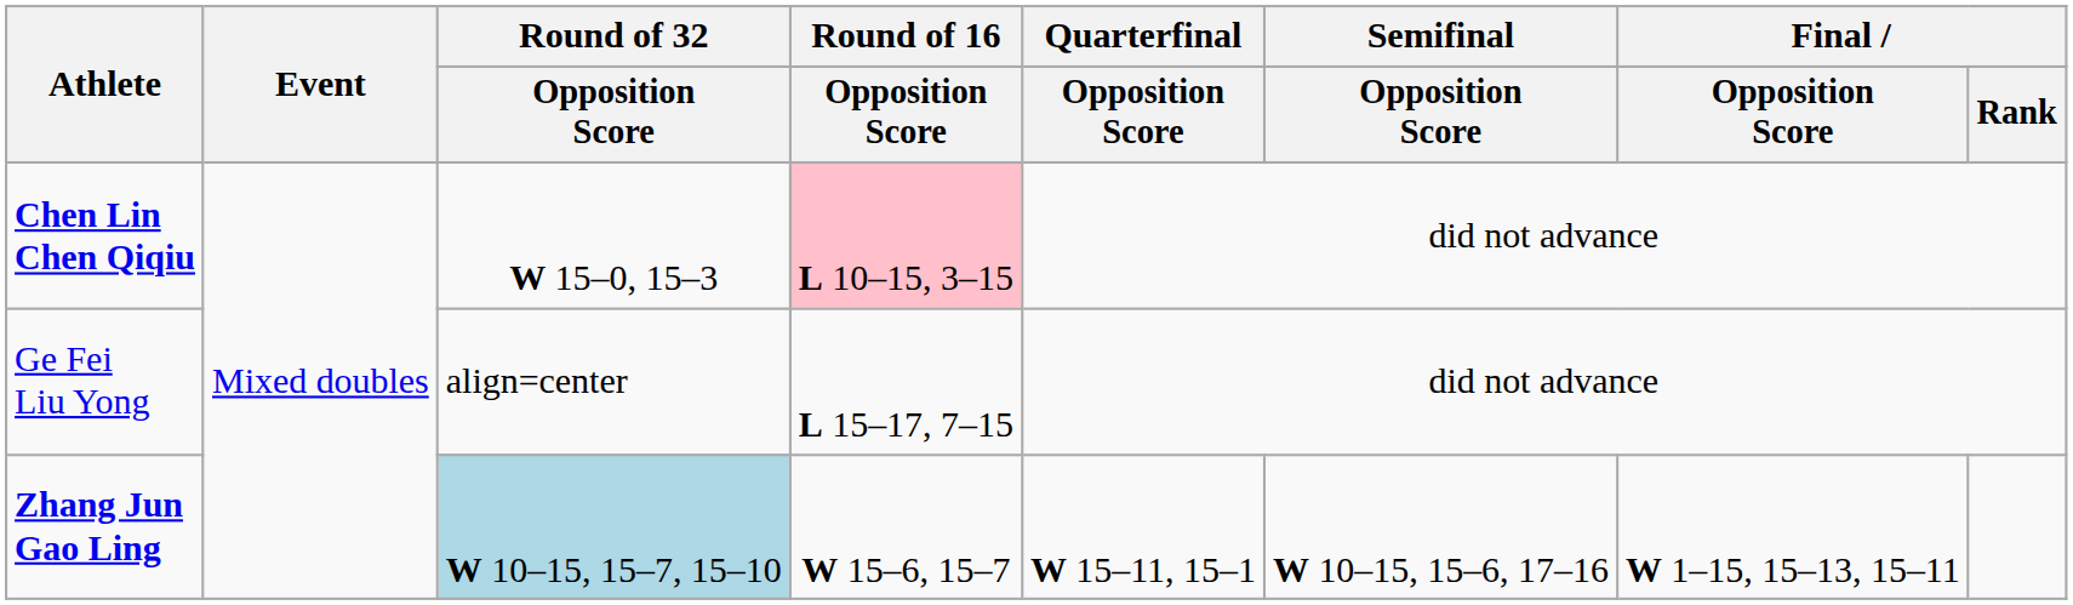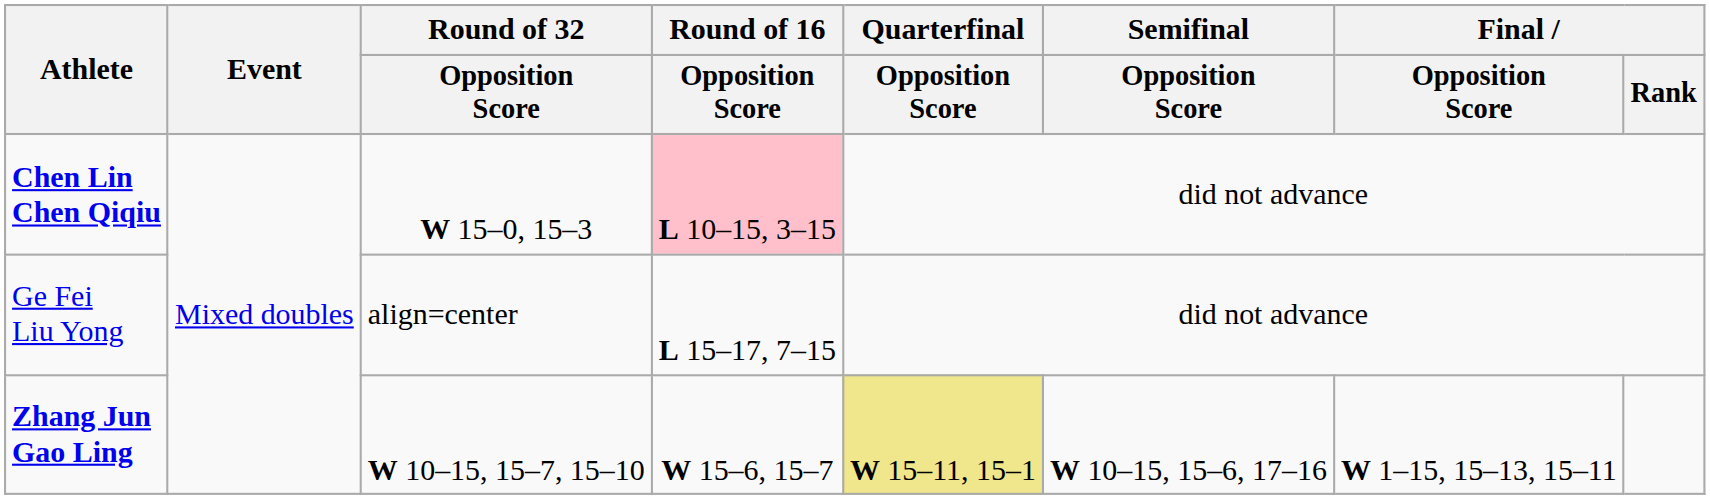 <table class=wikitable style="font-size:90%">
 <tr>
 <th rowspan="2">Athlete</th>
 <th rowspan="2">Event</th>
 <th>Round of 32</th>
 <th>Round of 16</th>
 <th>Quarterfinal</th>
 <th>Semifinal</th>
 <th colspan=2>Final / </th>
 </tr>
 <tr style="font-size:95%">
 <th>Opposition<br>Score</th>
 <th>Opposition<br>Score</th>
 <th>Opposition<br>Score</th>
 <th>Opposition<br>Score</th>
 <th>Opposition<br>Score</th>
 <th>Rank</th>
 </tr>
 <tr>
 <td align=left><strong><a href='#'>Chen Lin</a></strong><br> <strong><a href='#'>Chen Qiqiu</a></strong></td>
 <td align=left rowspan="3"><a href='#'>Mixed doubles</a></td>
 <td align=center><br> <br><strong>W</strong> 15–0, 15–3</td>
 <td align=center style="background: pink;"><br> <br><strong>L</strong> 10–15, 3–15</td>
 <td align=center colspan="4">did not advance</td>
 </tr>
 <tr>
 <td align=left><a href='#'>Ge Fei</a><br> <a href='#'>Liu Yong</a></td>
 <td>align=center </td>
 <td align=center><br> <br><strong>L</strong> 15–17, 7–15</td>
 <td align=center colspan="4">did not advance</td>
 </tr>
 <tr>
 <td align=left><strong><a href='#'>Zhang Jun</a></strong><br> <strong><a href='#'>Gao Ling</a></strong></td>
-<td align=center style="background: lightblue;"><br> <br><strong>W</strong> 10–15, 15–7, 15–10</td>
+<td align=center><br> <br><strong>W</strong> 10–15, 15–7, 15–10</td>
 <td align=center><br> <br><strong>W</strong> 15–6, 15–7</td>
-<td align=center><br> <br><strong>W</strong> 15–11, 15–1</td>
+<td align=center style="background: khaki;"><br> <br><strong>W</strong> 15–11, 15–1</td>
 <td align=center><br> <br><strong>W</strong> 10–15, 15–6, 17–16</td>
 <td align=center><br> <br><strong>W</strong> 1–15, 15–13, 15–11</td>
 <td align=center></td>
 </tr>
 </table>
